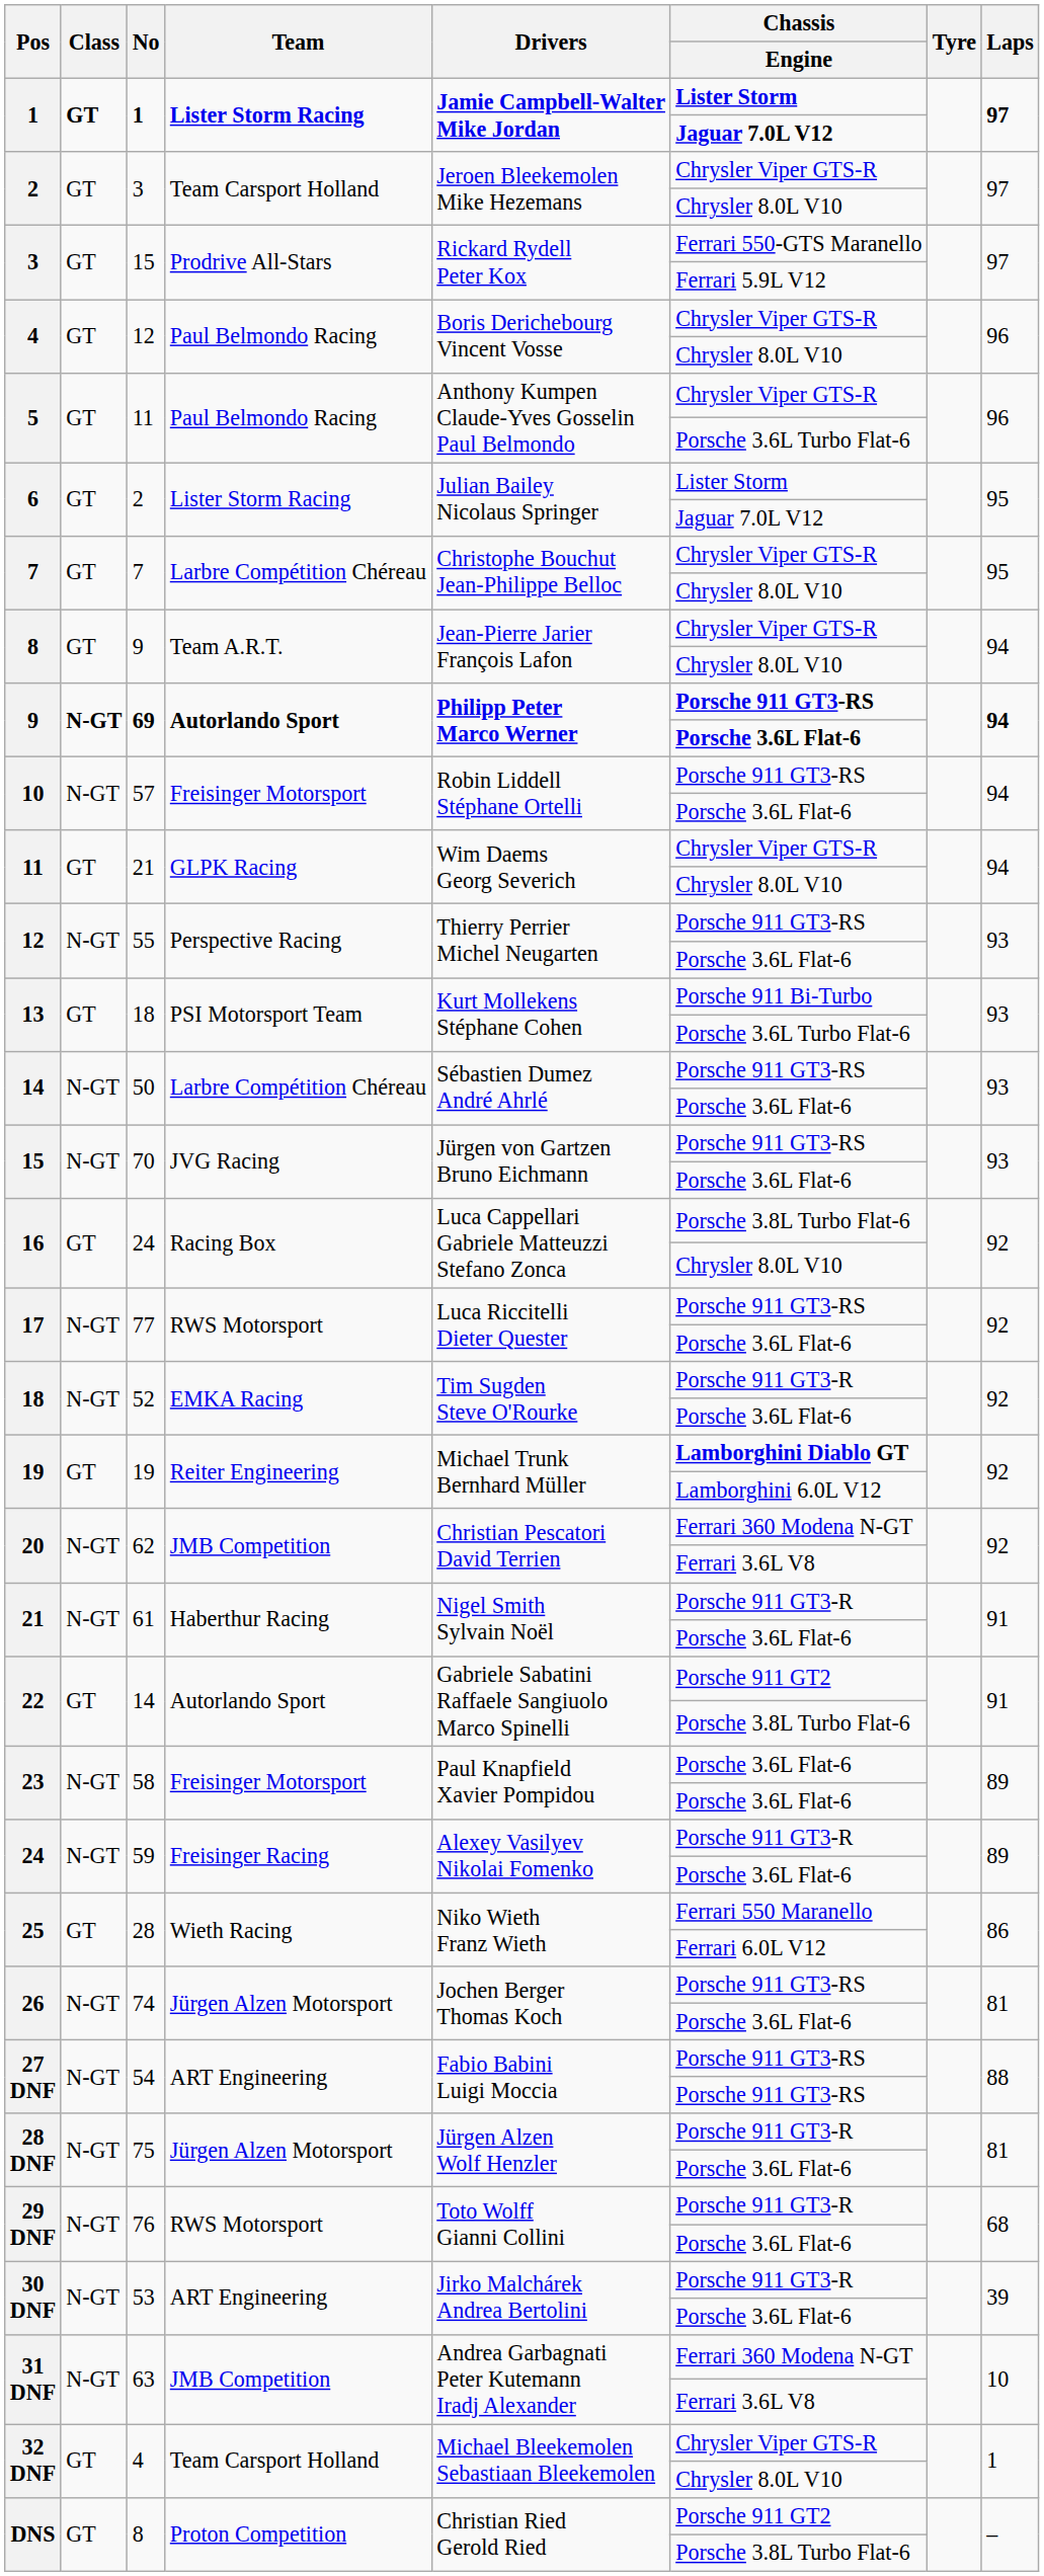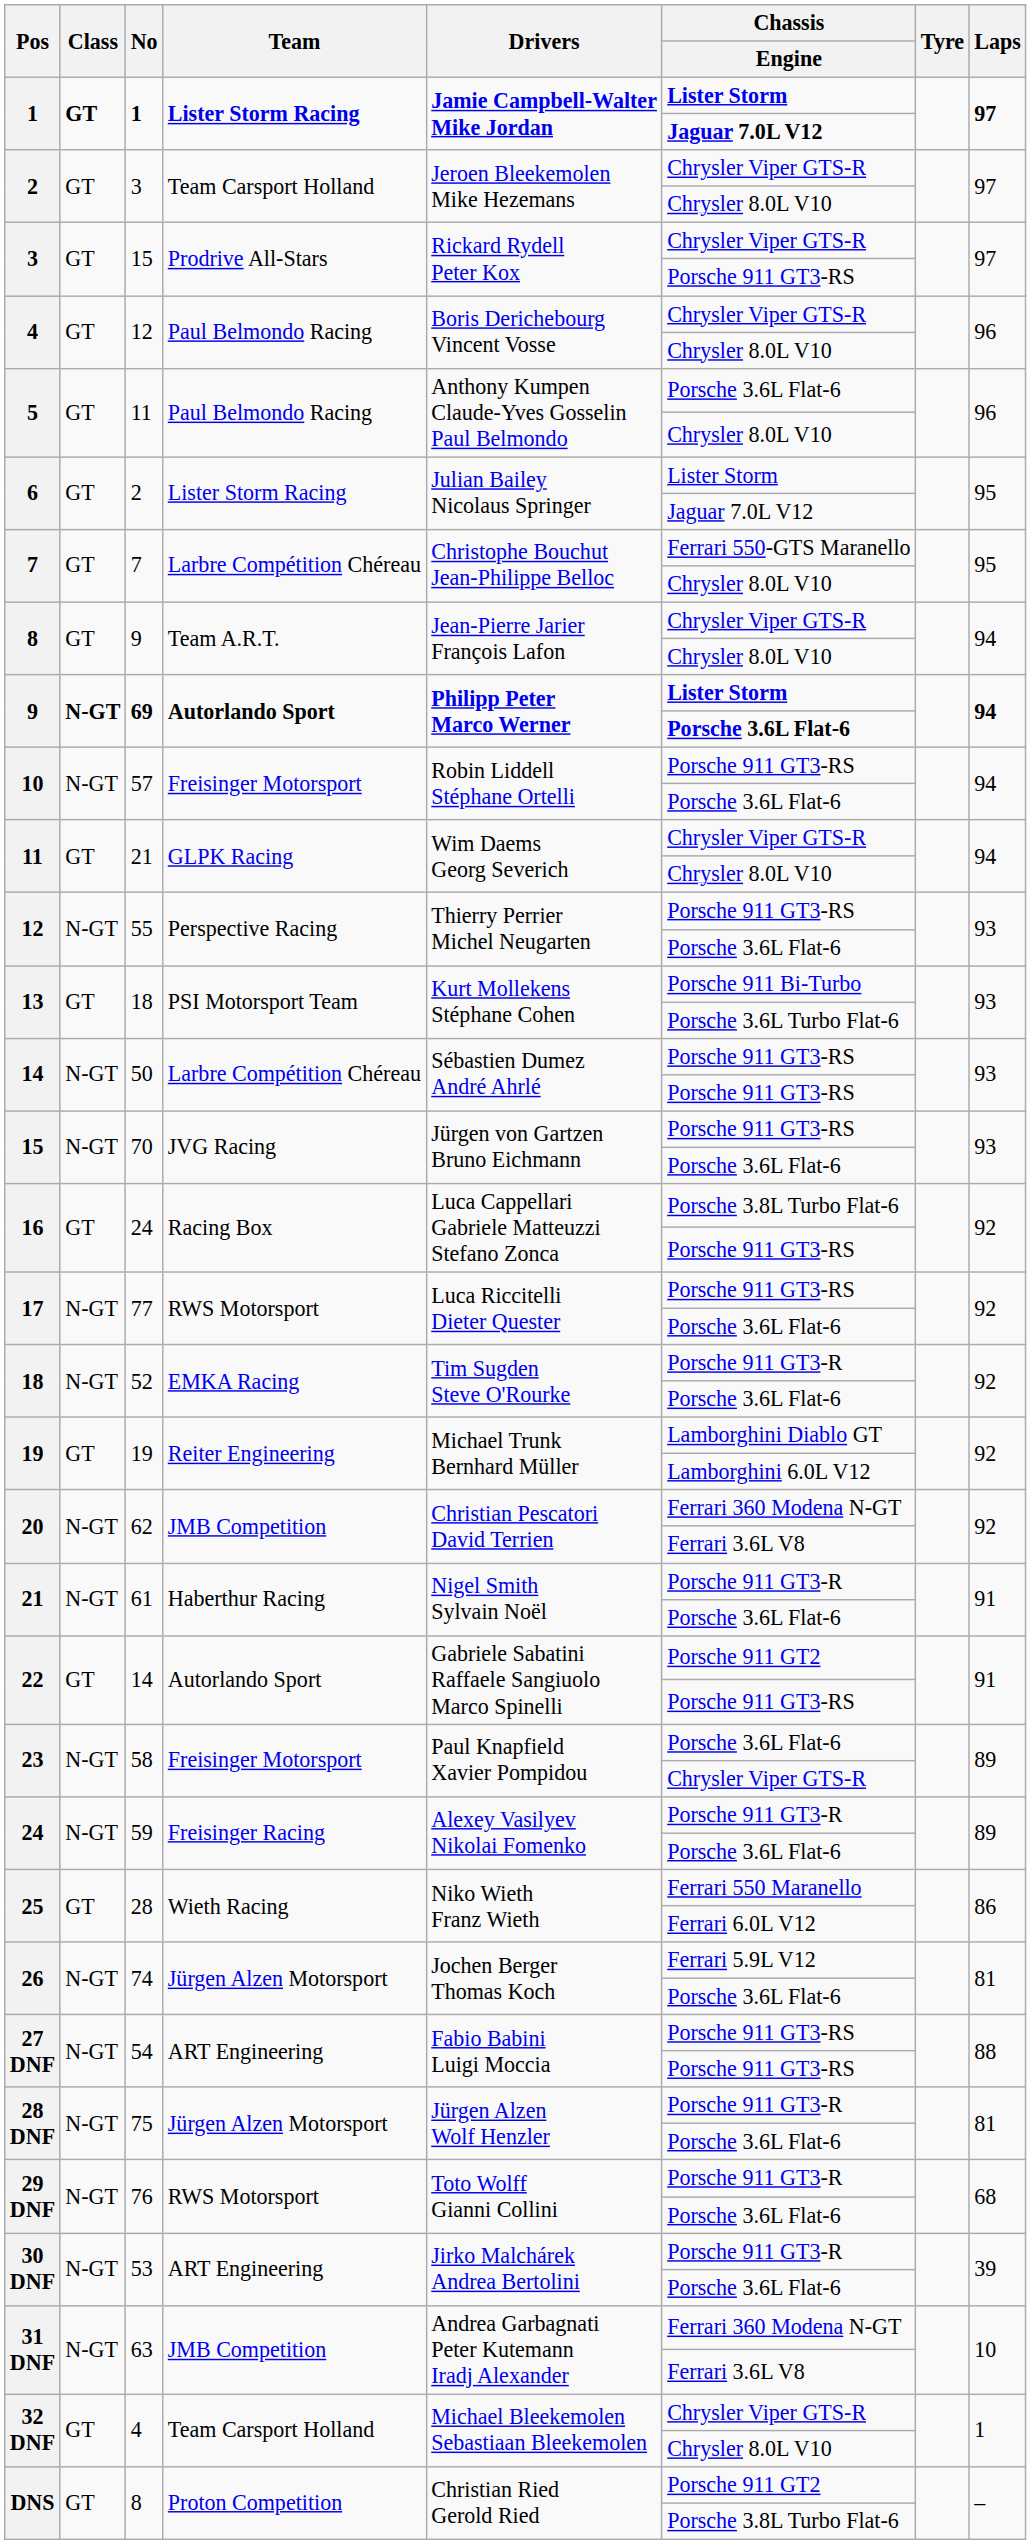 <table class="wikitable" style="font-size: 95%;">
 <tr>
 <th rowspan=2>Pos</th>
 <th rowspan=2>Class</th>
 <th rowspan=2>No</th>
 <th rowspan=2>Team</th>
 <th rowspan=2>Drivers</th>
 <th>Chassis</th>
 <th rowspan=2>Tyre</th>
 <th rowspan=2>Laps</th>
 </tr>
 <tr>
 <th>Engine</th>
 </tr>
 <tr style="font-weight:bold">
 <th rowspan=2>1</th>
 <td rowspan=2>GT</td>
 <td rowspan=2>1</td>
 <td rowspan=2> <a href='#'>Lister Storm Racing</a></td>
 <td rowspan=2> <a href='#'>Jamie Campbell-Walter</a><br> <a href='#'>Mike Jordan</a></td>
 <td><a href='#'>Lister Storm</a></td>
 <td rowspan=2></td>
 <td rowspan=2>97</td>
 </tr>
 <tr style="font-weight:bold">
 <td><a href='#'>Jaguar</a> 7.0L V12</td>
 </tr>
 <tr>
 <th rowspan=2>2</th>
 <td rowspan=2>GT</td>
 <td rowspan=2>3</td>
 <td rowspan=2> Team Carsport Holland</td>
 <td rowspan=2> <a href='#'>Jeroen Bleekemolen</a><br> Mike Hezemans</td>
 <td><a href='#'>Chrysler Viper GTS-R</a></td>
 <td rowspan=2></td>
 <td rowspan=2>97</td>
 </tr>
 <tr>
 <td><a href='#'>Chrysler</a> 8.0L V10</td>
 </tr>
 <tr>
 <th rowspan=2>3</th>
 <td rowspan=2>GT</td>
 <td rowspan=2>15</td>
 <td rowspan=2> <a href='#'>Prodrive</a> All-Stars</td>
 <td rowspan=2> <a href='#'>Rickard Rydell</a><br> <a href='#'>Peter Kox</a></td>
-<td><a href='#'>Ferrari 550</a>-GTS Maranello</td>
+<td><a href='#'>Chrysler Viper GTS-R</a></td>
 <td rowspan=2></td>
 <td rowspan=2>97</td>
 </tr>
 <tr>
-<td><a href='#'>Ferrari</a> 5.9L V12</td>
+<td><a href='#'>Porsche 911 GT3</a>-RS</td>
 </tr>
 <tr>
 <th rowspan=2>4</th>
 <td rowspan=2>GT</td>
 <td rowspan=2>12</td>
 <td rowspan=2> <a href='#'>Paul Belmondo</a> Racing</td>
 <td rowspan=2> <a href='#'>Boris Derichebourg</a><br> Vincent Vosse</td>
 <td><a href='#'>Chrysler Viper GTS-R</a></td>
 <td rowspan=2></td>
 <td rowspan=2>96</td>
 </tr>
 <tr>
 <td><a href='#'>Chrysler</a> 8.0L V10</td>
 </tr>
 <tr>
 <th rowspan=2>5</th>
 <td rowspan=2>GT</td>
 <td rowspan=2>11</td>
 <td rowspan=2> <a href='#'>Paul Belmondo</a> Racing</td>
 <td rowspan=2> Anthony Kumpen<br> Claude-Yves Gosselin<br> <a href='#'>Paul Belmondo</a></td>
-<td><a href='#'>Chrysler Viper GTS-R</a></td>
+<td><a href='#'>Porsche</a> 3.6L Flat-6</td>
 <td rowspan=2></td>
 <td rowspan=2>96</td>
 </tr>
 <tr>
-<td><a href='#'>Porsche</a> 3.6L Turbo Flat-6</td>
+<td><a href='#'>Chrysler</a> 8.0L V10</td>
 </tr>
 <tr>
 <th rowspan=2>6</th>
 <td rowspan=2>GT</td>
 <td rowspan=2>2</td>
 <td rowspan=2> <a href='#'>Lister Storm Racing</a></td>
 <td rowspan=2> <a href='#'>Julian Bailey</a><br> Nicolaus Springer</td>
 <td><a href='#'>Lister Storm</a></td>
 <td rowspan=2></td>
 <td rowspan=2>95</td>
 </tr>
 <tr>
 <td><a href='#'>Jaguar</a> 7.0L V12</td>
 </tr>
 <tr>
 <th rowspan=2>7</th>
 <td rowspan=2>GT</td>
 <td rowspan=2>7</td>
 <td rowspan=2> <a href='#'>Larbre Compétition</a> Chéreau</td>
 <td rowspan=2> <a href='#'>Christophe Bouchut</a><br> <a href='#'>Jean-Philippe Belloc</a></td>
-<td><a href='#'>Chrysler Viper GTS-R</a></td>
+<td><a href='#'>Ferrari 550</a>-GTS Maranello</td>
 <td rowspan=2></td>
 <td rowspan=2>95</td>
 </tr>
 <tr>
 <td><a href='#'>Chrysler</a> 8.0L V10</td>
 </tr>
 <tr>
 <th rowspan=2>8</th>
 <td rowspan=2>GT</td>
 <td rowspan=2>9</td>
 <td rowspan=2> Team A.R.T.</td>
 <td rowspan=2> <a href='#'>Jean-Pierre Jarier</a><br> François Lafon</td>
 <td><a href='#'>Chrysler Viper GTS-R</a></td>
 <td rowspan=2></td>
 <td rowspan=2>94</td>
 </tr>
 <tr>
 <td><a href='#'>Chrysler</a> 8.0L V10</td>
 </tr>
 <tr style="font-weight:bold">
 <th rowspan=2>9</th>
 <td rowspan=2>N-GT</td>
 <td rowspan=2>69</td>
 <td rowspan=2> Autorlando Sport</td>
 <td rowspan=2> <a href='#'>Philipp Peter</a><br> <a href='#'>Marco Werner</a></td>
-<td><a href='#'>Porsche 911 GT3</a>-RS</td>
+<td><a href='#'>Lister Storm</a></td>
 <td rowspan=2></td>
 <td rowspan=2>94</td>
 </tr>
 <tr style="font-weight:bold">
 <td><a href='#'>Porsche</a> 3.6L Flat-6</td>
 </tr>
 <tr>
 <th rowspan=2>10</th>
 <td rowspan=2>N-GT</td>
 <td rowspan=2>57</td>
 <td rowspan=2> <a href='#'>Freisinger Motorsport</a></td>
 <td rowspan=2> Robin Liddell<br> <a href='#'>Stéphane Ortelli</a></td>
 <td><a href='#'>Porsche 911 GT3</a>-RS</td>
 <td rowspan=2></td>
 <td rowspan=2>94</td>
 </tr>
 <tr>
 <td><a href='#'>Porsche</a> 3.6L Flat-6</td>
 </tr>
 <tr>
 <th rowspan=2>11</th>
 <td rowspan=2>GT</td>
 <td rowspan=2>21</td>
 <td rowspan=2> <a href='#'>GLPK Racing</a></td>
 <td rowspan=2> Wim Daems<br> Georg Severich</td>
 <td><a href='#'>Chrysler Viper GTS-R</a></td>
 <td rowspan=2></td>
 <td rowspan=2>94</td>
 </tr>
 <tr>
 <td><a href='#'>Chrysler</a> 8.0L V10</td>
 </tr>
 <tr>
 <th rowspan=2>12</th>
 <td rowspan=2>N-GT</td>
 <td rowspan=2>55</td>
 <td rowspan=2> Perspective Racing</td>
 <td rowspan=2> Thierry Perrier<br> Michel Neugarten</td>
 <td><a href='#'>Porsche 911 GT3</a>-RS</td>
 <td rowspan=2></td>
 <td rowspan=2>93</td>
 </tr>
 <tr>
 <td><a href='#'>Porsche</a> 3.6L Flat-6</td>
 </tr>
 <tr>
 <th rowspan=2>13</th>
 <td rowspan=2>GT</td>
 <td rowspan=2>18</td>
 <td rowspan=2> PSI Motorsport Team</td>
 <td rowspan=2> <a href='#'>Kurt Mollekens</a><br> Stéphane Cohen</td>
 <td><a href='#'>Porsche 911 Bi-Turbo</a></td>
 <td rowspan=2></td>
 <td rowspan=2>93</td>
 </tr>
 <tr>
 <td><a href='#'>Porsche</a> 3.6L Turbo Flat-6</td>
 </tr>
 <tr>
 <th rowspan=2>14</th>
 <td rowspan=2>N-GT</td>
 <td rowspan=2>50</td>
 <td rowspan=2> <a href='#'>Larbre Compétition</a> Chéreau</td>
 <td rowspan=2> Sébastien Dumez<br> <a href='#'>André Ahrlé</a></td>
 <td><a href='#'>Porsche 911 GT3</a>-RS</td>
 <td rowspan=2></td>
 <td rowspan=2>93</td>
 </tr>
 <tr>
-<td><a href='#'>Porsche</a> 3.6L Flat-6</td>
+<td><a href='#'>Porsche 911 GT3</a>-RS</td>
 </tr>
 <tr>
 <th rowspan=2>15</th>
 <td rowspan=2>N-GT</td>
 <td rowspan=2>70</td>
 <td rowspan=2> JVG Racing</td>
 <td rowspan=2> Jürgen von Gartzen<br> Bruno Eichmann</td>
 <td><a href='#'>Porsche 911 GT3</a>-RS</td>
 <td rowspan=2></td>
 <td rowspan=2>93</td>
 </tr>
 <tr>
 <td><a href='#'>Porsche</a> 3.6L Flat-6</td>
 </tr>
 <tr>
 <th rowspan=2>16</th>
 <td rowspan=2>GT</td>
 <td rowspan=2>24</td>
 <td rowspan=2> Racing Box</td>
 <td rowspan=2> Luca Cappellari<br> Gabriele Matteuzzi<br> Stefano Zonca</td>
 <td><a href='#'>Porsche</a> 3.8L Turbo Flat-6</td>
 <td rowspan=2></td>
 <td rowspan=2>92</td>
 </tr>
 <tr>
-<td><a href='#'>Chrysler</a> 8.0L V10</td>
+<td><a href='#'>Porsche 911 GT3</a>-RS</td>
 </tr>
 <tr>
 <th rowspan=2>17</th>
 <td rowspan=2>N-GT</td>
 <td rowspan=2>77</td>
 <td rowspan=2> RWS Motorsport</td>
 <td rowspan=2> Luca Riccitelli<br> <a href='#'>Dieter Quester</a></td>
 <td><a href='#'>Porsche 911 GT3</a>-RS</td>
 <td rowspan=2></td>
 <td rowspan=2>92</td>
 </tr>
 <tr>
 <td><a href='#'>Porsche</a> 3.6L Flat-6</td>
 </tr>
 <tr>
 <th rowspan=2>18</th>
 <td rowspan=2>N-GT</td>
 <td rowspan=2>52</td>
 <td rowspan=2> <a href='#'>EMKA Racing</a></td>
 <td rowspan=2> <a href='#'>Tim Sugden</a><br> <a href='#'>Steve O'Rourke</a></td>
 <td><a href='#'>Porsche 911 GT3</a>-R</td>
 <td rowspan=2></td>
 <td rowspan=2>92</td>
 </tr>
 <tr>
 <td><a href='#'>Porsche</a> 3.6L Flat-6</td>
 </tr>
 <tr>
 <th rowspan=2>19</th>
 <td rowspan=2>GT</td>
 <td rowspan=2>19</td>
 <td rowspan=2> <a href='#'>Reiter Engineering</a></td>
 <td rowspan=2> Michael Trunk<br> Bernhard Müller</td>
-<td><strong><a href='#'>Lamborghini Diablo</a> GT</strong></td>
+<td><a href='#'>Lamborghini Diablo</a> GT</td>
 <td rowspan=2></td>
 <td rowspan=2>92</td>
 </tr>
 <tr>
 <td><a href='#'>Lamborghini</a> 6.0L V12</td>
 </tr>
 <tr>
 <th rowspan=2>20</th>
 <td rowspan=2>N-GT</td>
 <td rowspan=2>62</td>
 <td rowspan=2> <a href='#'>JMB Competition</a></td>
 <td rowspan=2> <a href='#'>Christian Pescatori</a><br> <a href='#'>David Terrien</a></td>
 <td><a href='#'>Ferrari 360 Modena</a> N-GT</td>
 <td rowspan=2></td>
 <td rowspan=2>92</td>
 </tr>
 <tr>
 <td><a href='#'>Ferrari</a> 3.6L V8</td>
 </tr>
 <tr>
 <th rowspan=2>21</th>
 <td rowspan=2>N-GT</td>
 <td rowspan=2>61</td>
 <td rowspan=2> Haberthur Racing</td>
 <td rowspan=2> <a href='#'>Nigel Smith</a><br> Sylvain Noël</td>
 <td><a href='#'>Porsche 911 GT3</a>-R</td>
 <td rowspan=2></td>
 <td rowspan=2>91</td>
 </tr>
 <tr>
 <td><a href='#'>Porsche</a> 3.6L Flat-6</td>
 </tr>
 <tr>
 <th rowspan=2>22</th>
 <td rowspan=2>GT</td>
 <td rowspan=2>14</td>
 <td rowspan=2> Autorlando Sport</td>
 <td rowspan=2> Gabriele Sabatini<br> Raffaele Sangiuolo<br> Marco Spinelli</td>
 <td><a href='#'>Porsche 911 GT2</a></td>
 <td rowspan=2></td>
 <td rowspan=2>91</td>
 </tr>
 <tr>
-<td><a href='#'>Porsche</a> 3.8L Turbo Flat-6</td>
+<td><a href='#'>Porsche 911 GT3</a>-RS</td>
 </tr>
 <tr>
 <th rowspan=2>23</th>
 <td rowspan=2>N-GT</td>
 <td rowspan=2>58</td>
 <td rowspan=2> <a href='#'>Freisinger Motorsport</a></td>
 <td rowspan=2> Paul Knapfield<br> Xavier Pompidou</td>
 <td><a href='#'>Porsche</a> 3.6L Flat-6</td>
 <td rowspan=2></td>
 <td rowspan=2>89</td>
 </tr>
 <tr>
-<td><a href='#'>Porsche</a> 3.6L Flat-6</td>
+<td><a href='#'>Chrysler Viper GTS-R</a></td>
 </tr>
 <tr>
 <th rowspan=2>24</th>
 <td rowspan=2>N-GT</td>
 <td rowspan=2>59</td>
 <td rowspan=2> <a href='#'>Freisinger Racing</a></td>
 <td rowspan=2> <a href='#'>Alexey Vasilyev</a><br> <a href='#'>Nikolai Fomenko</a></td>
 <td><a href='#'>Porsche 911 GT3</a>-R</td>
 <td rowspan=2></td>
 <td rowspan=2>89</td>
 </tr>
 <tr>
 <td><a href='#'>Porsche</a> 3.6L Flat-6</td>
 </tr>
 <tr>
 <th rowspan=2>25</th>
 <td rowspan=2>GT</td>
 <td rowspan=2>28</td>
 <td rowspan=2> Wieth Racing</td>
 <td rowspan=2> Niko Wieth<br> Franz Wieth</td>
 <td><a href='#'>Ferrari 550 Maranello</a></td>
 <td rowspan=2></td>
 <td rowspan=2>86</td>
 </tr>
 <tr>
 <td><a href='#'>Ferrari</a> 6.0L V12</td>
 </tr>
 <tr>
 <th rowspan=2>26</th>
 <td rowspan=2>N-GT</td>
 <td rowspan=2>74</td>
 <td rowspan=2> <a href='#'>Jürgen Alzen</a> Motorsport</td>
 <td rowspan=2> Jochen Berger<br> Thomas Koch</td>
-<td><a href='#'>Porsche 911 GT3</a>-RS</td>
+<td><a href='#'>Ferrari</a> 5.9L V12</td>
 <td rowspan=2></td>
 <td rowspan=2>81</td>
 </tr>
 <tr>
 <td><a href='#'>Porsche</a> 3.6L Flat-6</td>
 </tr>
 <tr>
 <th rowspan=2>27<br>DNF</th>
 <td rowspan=2>N-GT</td>
 <td rowspan=2>54</td>
 <td rowspan=2> ART Engineering</td>
 <td rowspan=2> <a href='#'>Fabio Babini</a><br> Luigi Moccia</td>
 <td><a href='#'>Porsche 911 GT3</a>-RS</td>
 <td rowspan=2></td>
 <td rowspan=2>88</td>
 </tr>
 <tr>
 <td><a href='#'>Porsche 911 GT3</a>-RS</td>
 </tr>
 <tr>
 <th rowspan=2>28<br>DNF</th>
 <td rowspan=2>N-GT</td>
 <td rowspan=2>75</td>
 <td rowspan=2> <a href='#'>Jürgen Alzen</a> Motorsport</td>
 <td rowspan=2> <a href='#'>Jürgen Alzen</a><br> <a href='#'>Wolf Henzler</a></td>
 <td><a href='#'>Porsche 911 GT3</a>-R</td>
 <td rowspan=2></td>
 <td rowspan=2>81</td>
 </tr>
 <tr>
 <td><a href='#'>Porsche</a> 3.6L Flat-6</td>
 </tr>
 <tr>
 <th rowspan=2>29<br>DNF</th>
 <td rowspan=2>N-GT</td>
 <td rowspan=2>76</td>
 <td rowspan=2> RWS Motorsport</td>
 <td rowspan=2> <a href='#'>Toto Wolff</a><br> Gianni Collini</td>
 <td><a href='#'>Porsche 911 GT3</a>-R</td>
 <td rowspan=2></td>
 <td rowspan=2>68</td>
 </tr>
 <tr>
 <td><a href='#'>Porsche</a> 3.6L Flat-6</td>
 </tr>
 <tr>
 <th rowspan=2>30<br>DNF</th>
 <td rowspan=2>N-GT</td>
 <td rowspan=2>53</td>
 <td rowspan=2> ART Engineering</td>
 <td rowspan=2> <a href='#'>Jirko Malchárek</a><br> <a href='#'>Andrea Bertolini</a></td>
 <td><a href='#'>Porsche 911 GT3</a>-R</td>
 <td rowspan=2></td>
 <td rowspan=2>39</td>
 </tr>
 <tr>
 <td><a href='#'>Porsche</a> 3.6L Flat-6</td>
 </tr>
 <tr>
 <th rowspan=2>31<br>DNF</th>
 <td rowspan=2>N-GT</td>
 <td rowspan=2>63</td>
 <td rowspan=2> <a href='#'>JMB Competition</a></td>
 <td rowspan=2> Andrea Garbagnati<br> Peter Kutemann<br> <a href='#'>Iradj Alexander</a></td>
 <td><a href='#'>Ferrari 360 Modena</a> N-GT</td>
 <td rowspan=2></td>
 <td rowspan=2>10</td>
 </tr>
 <tr>
 <td><a href='#'>Ferrari</a> 3.6L V8</td>
 </tr>
 <tr>
 <th rowspan=2>32<br>DNF</th>
 <td rowspan=2>GT</td>
 <td rowspan=2>4</td>
 <td rowspan=2> Team Carsport Holland</td>
 <td rowspan=2> <a href='#'>Michael Bleekemolen</a><br> <a href='#'>Sebastiaan Bleekemolen</a></td>
 <td><a href='#'>Chrysler Viper GTS-R</a></td>
 <td rowspan=2></td>
 <td rowspan=2>1</td>
 </tr>
 <tr>
 <td><a href='#'>Chrysler</a> 8.0L V10</td>
 </tr>
 <tr>
 <th rowspan=2>DNS</th>
 <td rowspan=2>GT</td>
 <td rowspan=2>8</td>
 <td rowspan=2> <a href='#'>Proton Competition</a></td>
 <td rowspan=2> Christian Ried<br> Gerold Ried</td>
 <td><a href='#'>Porsche 911 GT2</a></td>
 <td rowspan=2></td>
 <td rowspan=2>–</td>
 </tr>
 <tr>
 <td><a href='#'>Porsche</a> 3.8L Turbo Flat-6</td>
 </tr>
 </table>
